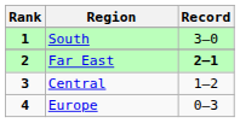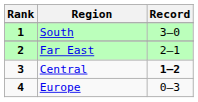 <table class="wikitable">
 <tr>
 <th>Rank</th>
 <th>Region</th>
 <th>Record</th>
 </tr>
 <tr>
 </tr>
 <tr bgcolor=#bbffbb>
 <td align=center><strong>1</strong></td>
 <td align="left" width="120"> <a href='#'>South</a></td>
 <td align=center>3–0</td>
 </tr>
 <tr>
 </tr>
 <tr bgcolor=#bbffbb>
 <td align=center><strong>2</strong></td>
 <td align="left" width="120"> <a href='#'>Far East</a></td>
-<td align=center><strong>2–1</strong></td>
+<td align=center>2–1</td>
 </tr>
 <tr>
 <td align=center><strong>3</strong></td>
 <td align="left" width="120"> <a href='#'>Central</a></td>
-<td align=center>1–2</td>
+<td align=center><strong>1–2</strong></td>
 </tr>
 <tr>
 <td align=center><strong>4</strong></td>
 <td align="left" width="120"> <a href='#'>Europe</a></td>
 <td align=center>0–3</td>
 </tr>
 </table>
